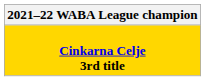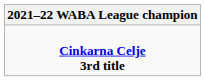 <table class=wikitable style="text-align:center; margin:auto">
 <tr>
 <th>2021–22 WABA League champion</th>
 </tr>
 <tr>
-<td style="background: gold;"><br><strong><a href='#'>Cinkarna Celje</a></strong><br><strong>3rd title</strong></td>
+<td><br><strong><a href='#'>Cinkarna Celje</a></strong><br><strong>3rd title</strong></td>
 </tr>
 </table>
